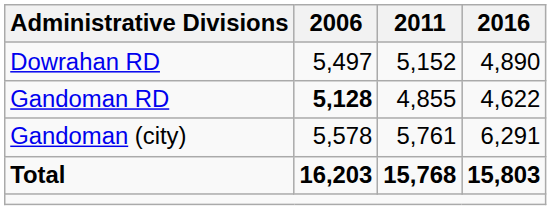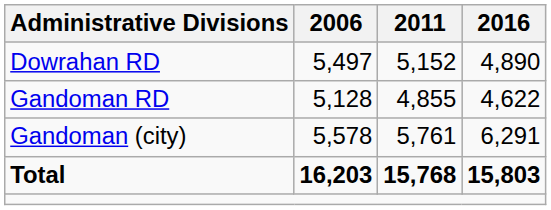 <table class="wikitable">
 <tr>
 <th>Administrative Divisions</th>
 <th>2006</th>
 <th>2011</th>
 <th>2016</th>
 </tr>
 <tr>
 <td><a href='#'>Dowrahan RD</a></td>
 <td style="text-align: right;">5,497</td>
 <td style="text-align: right;">5,152</td>
 <td style="text-align: right;">4,890</td>
 </tr>
 <tr>
 <td><a href='#'>Gandoman RD</a></td>
-<td style="text-align: right;"><strong>5,128</strong></td>
+<td style="text-align: right;">5,128</td>
 <td style="text-align: right;">4,855</td>
 <td style="text-align: right;">4,622</td>
 </tr>
 <tr>
 <td><a href='#'>Gandoman</a> (city)</td>
 <td style="text-align: right;">5,578</td>
 <td style="text-align: right;">5,761</td>
 <td style="text-align: right;">6,291</td>
 </tr>
 <tr>
 <td><strong>Total</strong></td>
 <td style="text-align: right;"><strong>16,203</strong></td>
 <td style="text-align: right;"><strong>15,768</strong></td>
 <td style="text-align: right;"><strong>15,803</strong></td>
 </tr>
 <tr>
 <td colspan=4></td>
 </tr>
 </table>
